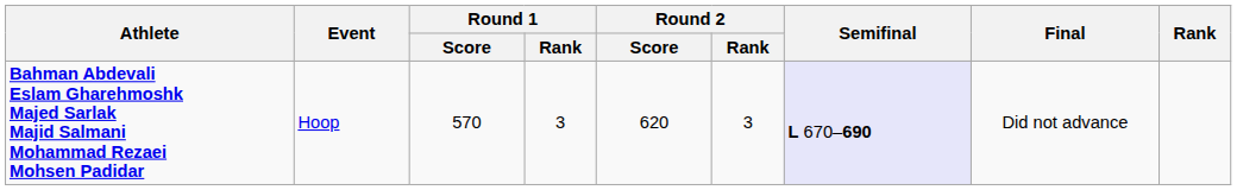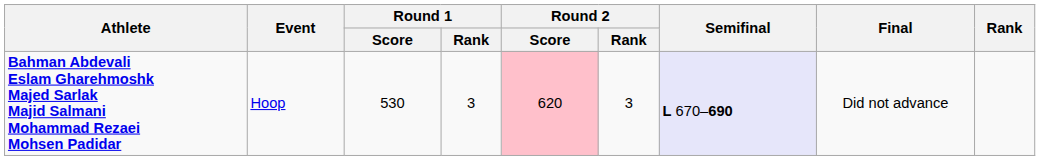 <table class="wikitable" width="80%" style="text-align:center; font-size:90%">
 <tr>
 <th rowspan="2" width="20%">Athlete</th>
 <th rowspan="2" width="8%">Event</th>
 <th colspan="2" width="13%">Round 1</th>
 <th colspan="2" width="13%">Round 2</th>
 <th rowspan="2" width="13%">Semifinal</th>
 <th rowspan="2" width="13%">Final</th>
 <th rowspan="2" width="5%">Rank</th>
 </tr>
 <tr>
 <th width="8%">Score</th>
 <th>Rank</th>
 <th width="8%">Score</th>
 <th>Rank</th>
 </tr>
 <tr>
 <td align="left"><strong><a href='#'>Bahman Abdevali</a><br><a href='#'>Eslam Gharehmoshk</a><br><a href='#'>Majed Sarlak</a><br><a href='#'>Majid Salmani</a><br><a href='#'>Mohammad Rezaei</a><br><a href='#'>Mohsen Padidar</a></strong></td>
 <td align="left"><a href='#'>Hoop</a></td>
-<td>570</td>
+<td>530</td>
 <td>3 <strong></strong></td>
-<td>620</td>
+<td style="background: pink;">620</td>
 <td>3 <strong></strong></td>
 <td align=left style="background: lavender;"><br><strong>L</strong> 670–<strong>690</strong></td>
 <td>Did not advance</td>
 <td align=center></td>
 </tr>
 </table>
